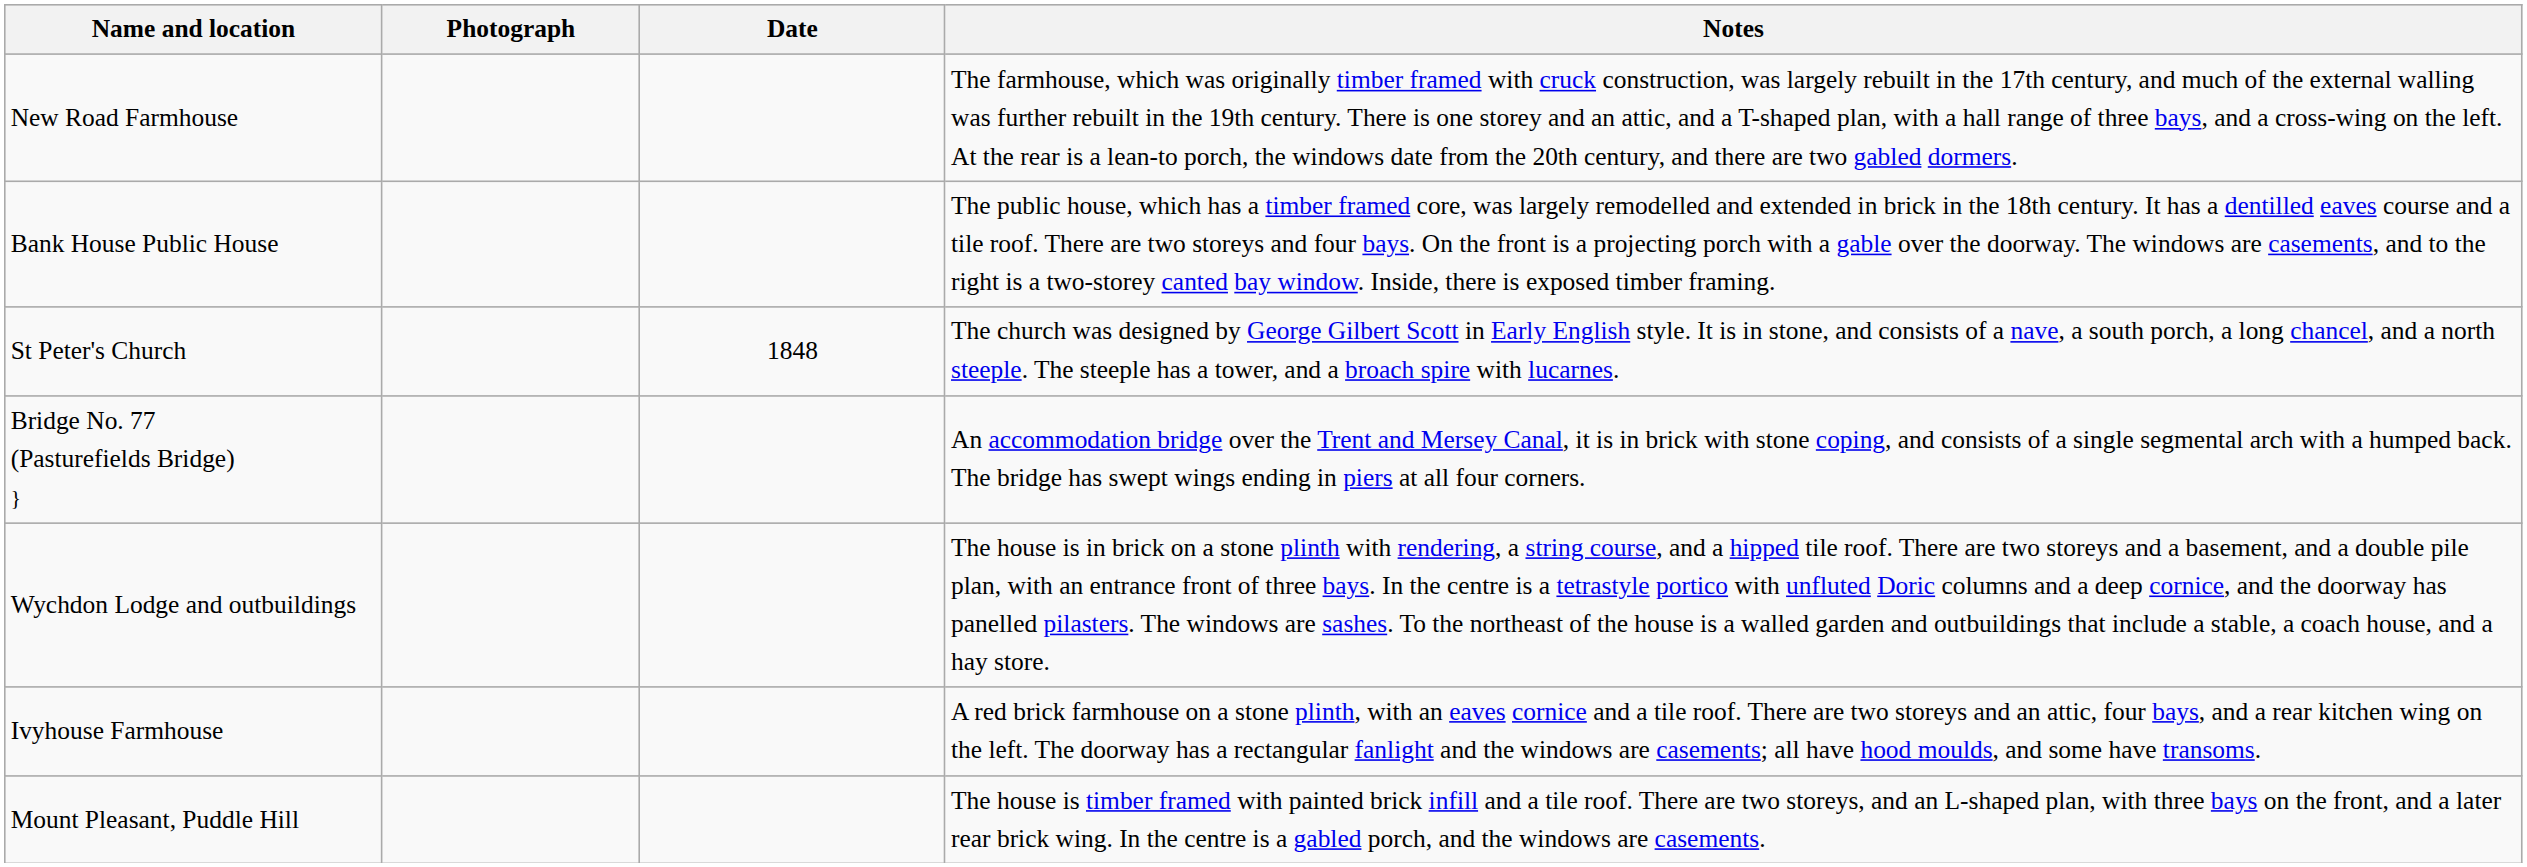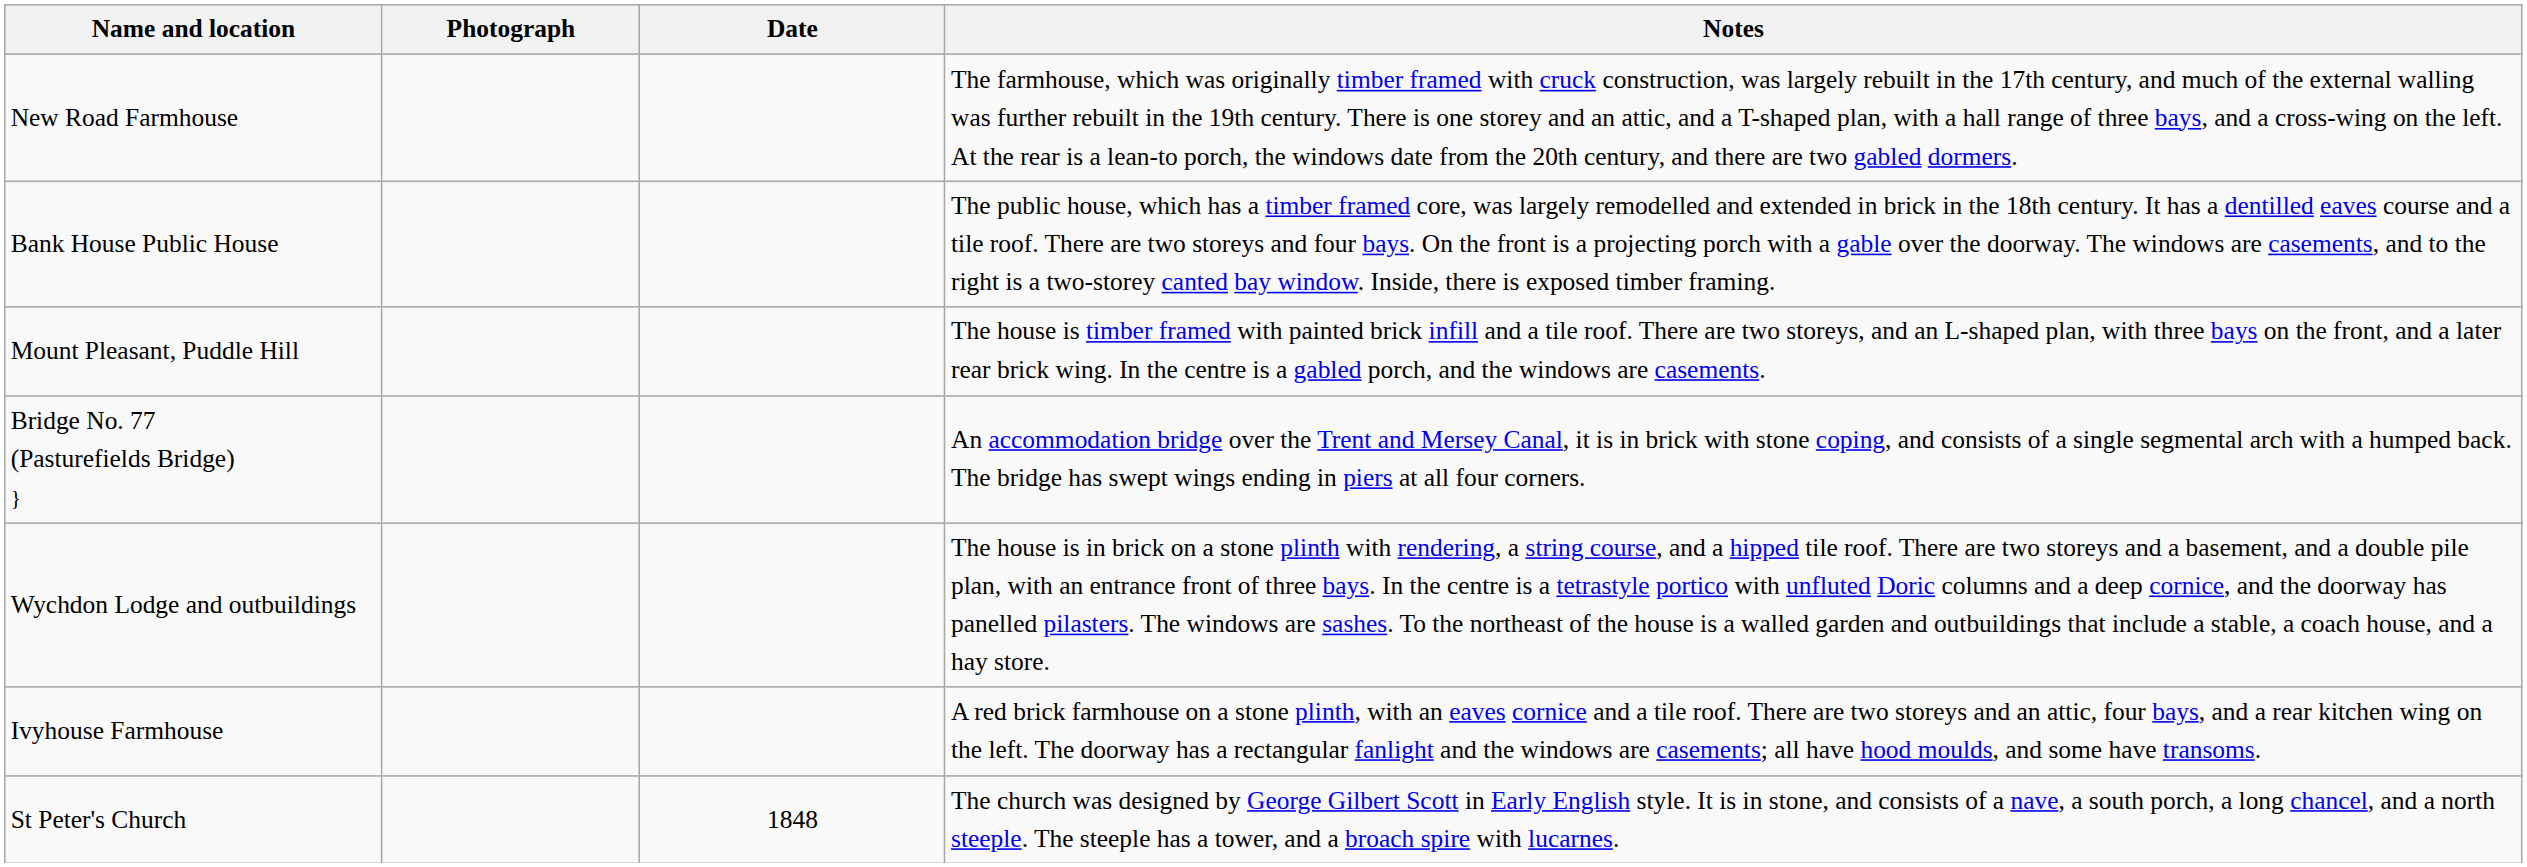 <table class="wikitable sortable plainrowheaders" style="width:100%;border:0px;text-align:left;line-height:150%;">
 <tr>
 <th scope="col"  style="width:150px">Name and location</th>
 <th scope="col"  style="width:100px" class="unsortable">Photograph</th>
 <th scope="col"  style="width:120px">Date</th>
 <th scope="col"  style="width:650px" class="unsortable">Notes</th>
 </tr>
 <tr>
 <td>New Road Farmhouse<br><small></small></td>
 <td></td>
 <td align="center"></td>
 <td>The farmhouse, which was originally <a href='#'>timber framed</a> with <a href='#'>cruck</a> construction, was largely rebuilt in the 17th century, and much of the external walling was further rebuilt in the 19th century.  There is one storey and an attic, and a T-shaped plan, with a hall range of three <a href='#'>bays</a>, and a cross-wing on the left.  At the rear is a lean-to porch, the windows date from the 20th century, and there are two <a href='#'>gabled</a> <a href='#'>dormers</a>.</td>
 </tr>
 <tr>
 <td>Bank House Public House<br><small></small></td>
 <td></td>
 <td align="center"></td>
 <td>The public house, which has a <a href='#'>timber framed</a> core, was largely remodelled and extended in brick in the 18th century.  It has a <a href='#'>dentilled</a> <a href='#'>eaves</a> course and a tile roof.  There are two storeys and four <a href='#'>bays</a>.  On the front is a projecting porch with a <a href='#'>gable</a> over the doorway.  The windows are <a href='#'>casements</a>, and to the right is a two-storey <a href='#'>canted</a> <a href='#'>bay window</a>.  Inside, there is exposed timber framing.</td>
 </tr>
 <tr>
-<td>St Peter's Church<br><small></small></td>
+<td>Mount Pleasant, Puddle Hill<br><small></small></td>
 <td></td>
-<td align="center">1848</td>
-<td>The church was designed by <a href='#'>George Gilbert Scott</a> in <a href='#'>Early English</a> style. It is in stone, and consists of a <a href='#'>nave</a>, a south porch, a long <a href='#'>chancel</a>, and a north <a href='#'>steeple</a>.  The steeple has a tower, and a <a href='#'>broach spire</a> with <a href='#'>lucarnes</a>. </td>
+<td align="center"></td>
+<td>The house is <a href='#'>timber framed</a> with painted brick <a href='#'>infill</a> and a tile roof.  There are two storeys, and an L-shaped plan, with three <a href='#'>bays</a> on the front, and a later rear brick wing.  In the centre is a <a href='#'>gabled</a> porch, and the windows are <a href='#'>casements</a>.</td>
 </tr>
 <tr>
 <td>Bridge No. 77<br>(Pasturefields Bridge)<br><small>}</small></td>
 <td></td>
 <td align="center"></td>
 <td>An <a href='#'>accommodation bridge</a> over the <a href='#'>Trent and Mersey Canal</a>, it is in brick with stone <a href='#'>coping</a>, and consists of a single segmental arch with a humped back.  The bridge has swept wings ending in <a href='#'>piers</a> at all four corners.</td>
 </tr>
 <tr>
 <td>Wychdon Lodge and outbuildings<br><small></small></td>
 <td></td>
 <td align="center"></td>
 <td>The house is in brick on a stone <a href='#'>plinth</a> with <a href='#'>rendering</a>, a <a href='#'>string course</a>, and a <a href='#'>hipped</a> tile roof.  There are two storeys and a basement, and a double pile plan, with an entrance front of three <a href='#'>bays</a>.  In the centre is a <a href='#'>tetrastyle</a> <a href='#'>portico</a> with <a href='#'>unfluted</a> <a href='#'>Doric</a> columns and a deep <a href='#'>cornice</a>, and the doorway has panelled <a href='#'>pilasters</a>.  The windows are <a href='#'>sashes</a>.  To the northeast of the house is a walled garden and outbuildings that include a stable, a coach house, and a hay store.</td>
 </tr>
 <tr>
 <td>Ivyhouse Farmhouse<br><small></small></td>
 <td></td>
 <td align="center"></td>
 <td>A red brick farmhouse on a stone <a href='#'>plinth</a>, with an <a href='#'>eaves</a> <a href='#'>cornice</a> and a tile roof.  There are two storeys and an attic, four <a href='#'>bays</a>, and a rear kitchen wing on the left.  The doorway has a rectangular <a href='#'>fanlight</a> and the windows are <a href='#'>casements</a>; all have <a href='#'>hood moulds</a>, and some have <a href='#'>transoms</a>.</td>
 </tr>
 <tr>
-<td>Mount Pleasant, Puddle Hill<br><small></small></td>
+<td>St Peter's Church<br><small></small></td>
 <td></td>
-<td align="center"></td>
-<td>The house is <a href='#'>timber framed</a> with painted brick <a href='#'>infill</a> and a tile roof.  There are two storeys, and an L-shaped plan, with three <a href='#'>bays</a> on the front, and a later rear brick wing.  In the centre is a <a href='#'>gabled</a> porch, and the windows are <a href='#'>casements</a>.</td>
+<td align="center">1848</td>
+<td>The church was designed by <a href='#'>George Gilbert Scott</a> in <a href='#'>Early English</a> style. It is in stone, and consists of a <a href='#'>nave</a>, a south porch, a long <a href='#'>chancel</a>, and a north <a href='#'>steeple</a>.  The steeple has a tower, and a <a href='#'>broach spire</a> with <a href='#'>lucarnes</a>. </td>
 </tr>
 <tr>
 </tr>
 </table>
